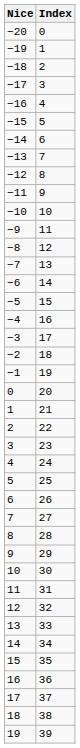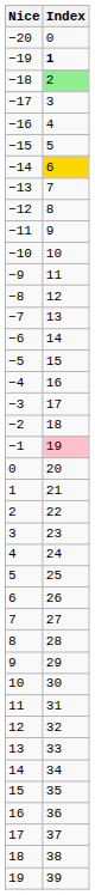 <table class="wikitable mw-collapsible autocollapse">
 <tr>
 <th>Nice</th>
 <th>Index</th>
 </tr>
 <tr>
 <td>−20</td>
 <td>0</td>
 </tr>
 <tr>
 <td>−19</td>
-<td>1</td>
+<td><strong>1</strong></td>
 </tr>
 <tr>
 <td>−18</td>
-<td>2</td>
+<td style="background: lightgreen;">2</td>
 </tr>
 <tr>
 <td>−17</td>
 <td>3</td>
 </tr>
 <tr>
 <td>−16</td>
 <td>4</td>
 </tr>
 <tr>
 <td>−15</td>
 <td>5</td>
 </tr>
 <tr>
 <td>−14</td>
-<td>6</td>
+<td style="background: gold;">6</td>
 </tr>
 <tr>
 <td>−13</td>
 <td>7</td>
 </tr>
 <tr>
 <td>−12</td>
 <td>8</td>
 </tr>
 <tr>
 <td>−11</td>
 <td>9</td>
 </tr>
 <tr>
 <td>−10</td>
 <td>10</td>
 </tr>
 <tr>
 <td>−9</td>
 <td>11</td>
 </tr>
 <tr>
 <td>−8</td>
 <td>12</td>
 </tr>
 <tr>
 <td>−7</td>
 <td>13</td>
 </tr>
 <tr>
 <td>−6</td>
 <td>14</td>
 </tr>
 <tr>
 <td>−5</td>
 <td>15</td>
 </tr>
 <tr>
 <td>−4</td>
 <td>16</td>
 </tr>
 <tr>
 <td>−3</td>
 <td>17</td>
 </tr>
 <tr>
 <td>−2</td>
 <td>18</td>
 </tr>
 <tr>
 <td>−1</td>
-<td>19</td>
+<td style="background: pink;">19</td>
 </tr>
 <tr>
 <td>0</td>
 <td>20</td>
 </tr>
 <tr>
 <td>1</td>
 <td>21</td>
 </tr>
 <tr>
 <td>2</td>
 <td>22</td>
 </tr>
 <tr>
 <td>3</td>
 <td>23</td>
 </tr>
 <tr>
 <td>4</td>
 <td>24</td>
 </tr>
 <tr>
 <td>5</td>
 <td>25</td>
 </tr>
 <tr>
 <td>6</td>
 <td>26</td>
 </tr>
 <tr>
 <td>7</td>
 <td>27</td>
 </tr>
 <tr>
 <td>8</td>
 <td>28</td>
 </tr>
 <tr>
 <td>9</td>
 <td>29</td>
 </tr>
 <tr>
 <td>10</td>
 <td>30</td>
 </tr>
 <tr>
 <td>11</td>
 <td>31</td>
 </tr>
 <tr>
 <td>12</td>
 <td>32</td>
 </tr>
 <tr>
 <td>13</td>
 <td>33</td>
 </tr>
 <tr>
 <td>14</td>
 <td>34</td>
 </tr>
 <tr>
 <td>15</td>
 <td>35</td>
 </tr>
 <tr>
 <td>16</td>
 <td>36</td>
 </tr>
 <tr>
 <td>17</td>
 <td>37</td>
 </tr>
 <tr>
 <td>18</td>
 <td>38</td>
 </tr>
 <tr>
 <td>19</td>
 <td>39</td>
 </tr>
 </table>
